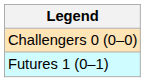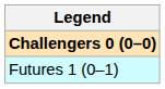 <table class=wikitable style=font-size:97%>
 <tr>
 <th>Legend</th>
 </tr>
 <tr style="background:moccasin;">
-<td>Challengers 0 (0–0)</td>
+<td><strong>Challengers 0 (0–0)</strong></td>
 </tr>
 <tr style="background:#cffcff;">
 <td>Futures 1 (0–1)</td>
 </tr>
 </table>
